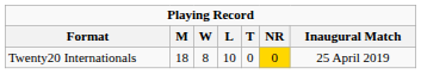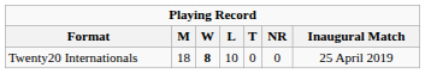 <table class="wikitable" style="text-align: center; width: 500px;">
 <tr>
 <td colspan=7 align="center"><strong>Playing Record</strong></td>
 </tr>
 <tr>
 <th>Format</th>
 <th>M</th>
 <th>W</th>
 <th>L</th>
 <th>T</th>
 <th>NR</th>
 <th>Inaugural Match</th>
 </tr>
 <tr>
 <td align="left">Twenty20 Internationals</td>
 <td>18</td>
-<td>8</td>
+<td><strong>8</strong></td>
 <td>10</td>
 <td>0</td>
-<td style="background: gold;">0</td>
+<td>0</td>
 <td>25 April 2019</td>
 </tr>
 </table>
